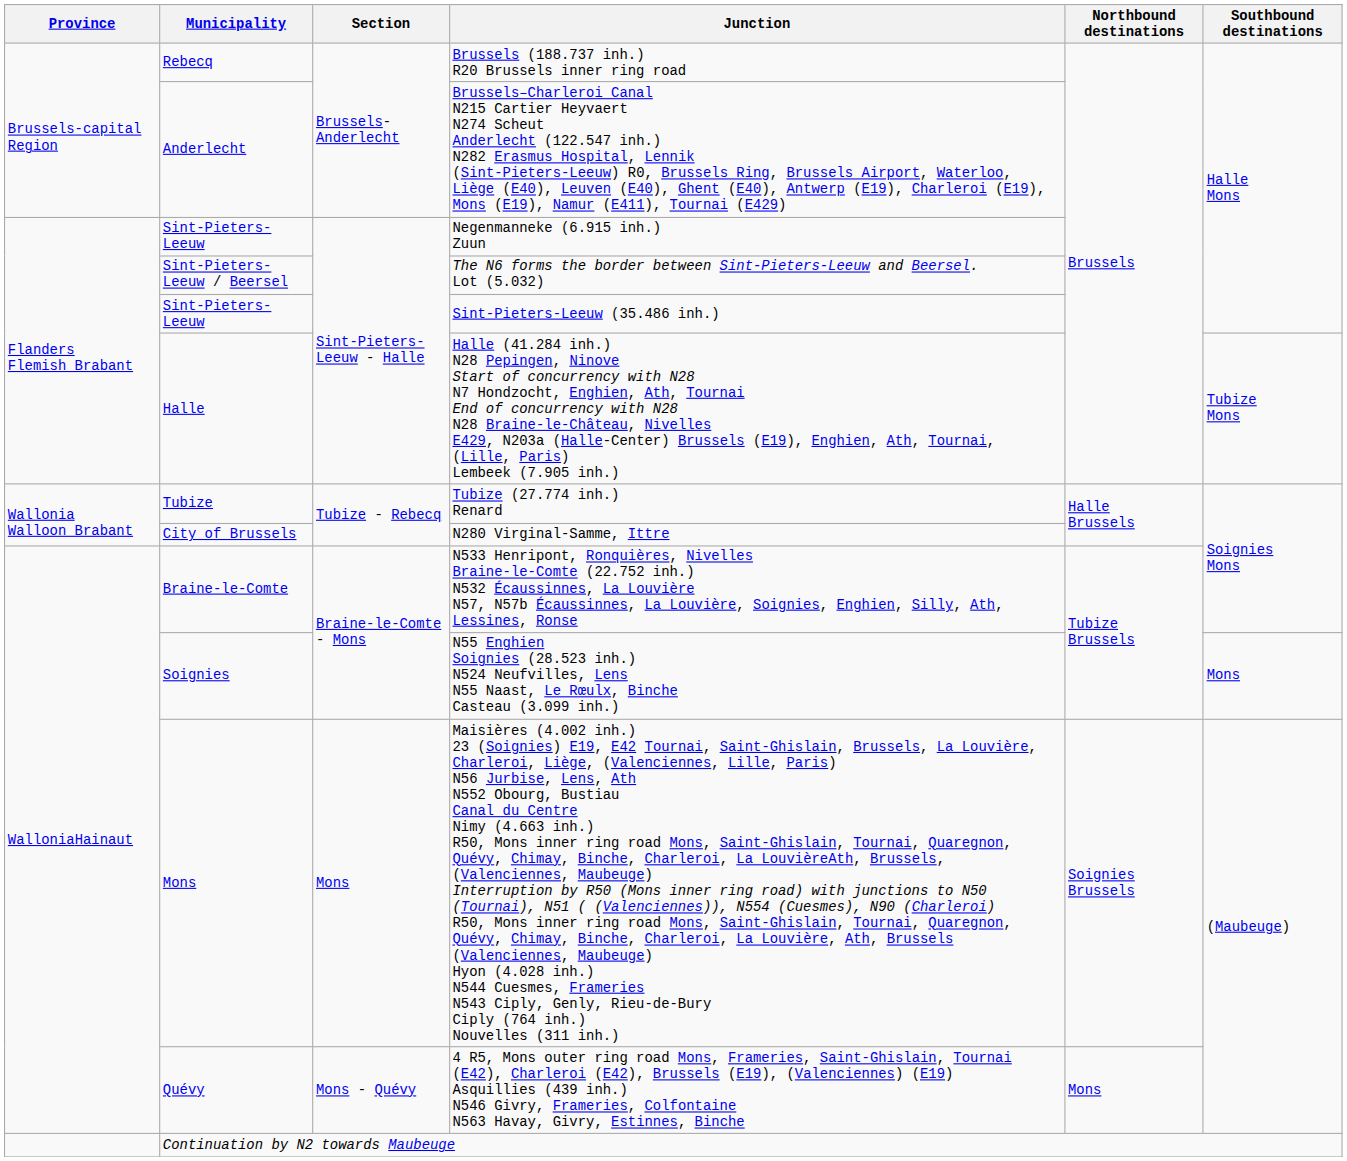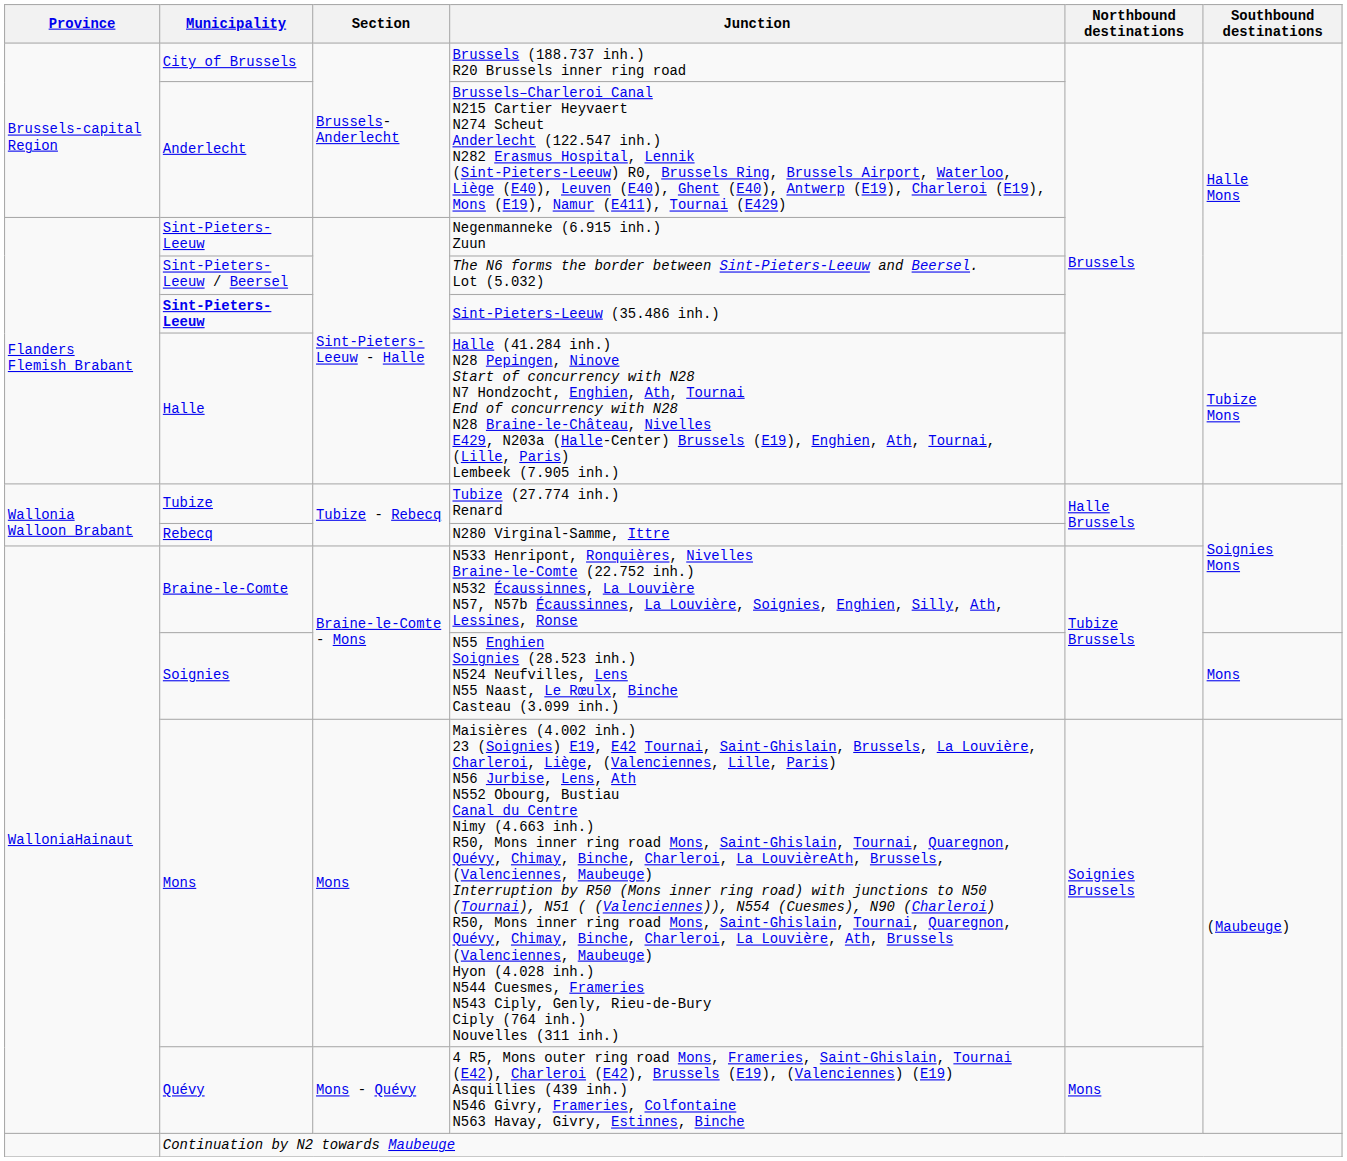 <table class="wikitable">
 <tr>
 <th><a href='#'>Province</a></th>
 <th><a href='#'>Municipality</a></th>
 <th>Section</th>
 <th>Junction</th>
 <th>Northbound destinations</th>
 <th>Southbound destinations</th>
 </tr>
 <tr>
 <td rowspan="2"><br><a href='#'>Brussels-capital Region</a></td>
-<td><a href='#'>Rebecq</a></td>
+<td><a href='#'>City of Brussels</a></td>
 <td rowspan="2"><a href='#'>Brussels</a>- <a href='#'>Anderlecht</a></td>
 <td> <a href='#'>Brussels</a>  (188.737 inh.)<br> R20 Brussels inner ring road</td>
 <td rowspan="6"><a href='#'>Brussels</a></td>
 <td rowspan="5"><a href='#'>Halle</a><br><a href='#'>Mons</a></td>
 </tr>
 <tr>
 <td><a href='#'>Anderlecht</a></td>
 <td> <a href='#'>Brussels–Charleroi Canal</a><br> N215 Cartier Heyvaert<br> N274 Scheut<br> <a href='#'>Anderlecht</a> (122.547 inh.)<br> N282 <a href='#'>Erasmus Hospital</a>, <a href='#'>Lennik</a><br> (<a href='#'>Sint-Pieters-Leeuw</a>) R0, <a href='#'>Brussels Ring</a>, <a href='#'>Brussels Airport</a>, <a href='#'>Waterloo</a>, <a href='#'>Liège</a> (<a href='#'>E40</a>), <a href='#'>Leuven</a> (<a href='#'>E40</a>), <a href='#'>Ghent</a> (<a href='#'>E40</a>), <a href='#'>Antwerp</a> (<a href='#'>E19</a>), <a href='#'>Charleroi</a> (<a href='#'>E19</a>), <a href='#'>Mons</a> (<a href='#'>E19</a>), <a href='#'>Namur</a> (<a href='#'>E411</a>), <a href='#'>Tournai</a> (<a href='#'>E429</a>)</td>
 </tr>
 <tr>
 <td rowspan="4"><br><a href='#'>Flanders</a><br><a href='#'>Flemish Brabant</a></td>
 <td><a href='#'>Sint-Pieters-Leeuw</a></td>
 <td rowspan="4"><a href='#'>Sint-Pieters-Leeuw</a> - <a href='#'>Halle</a></td>
 <td> Negenmanneke (6.915 inh.)<br> Zuun</td>
 </tr>
 <tr>
 <td><a href='#'>Sint-Pieters-Leeuw</a> / <a href='#'>Beersel</a></td>
 <td><em>The N6 forms the border between <a href='#'>Sint-Pieters-Leeuw</a> and <a href='#'>Beersel</a>.</em><br> Lot (5.032)</td>
 </tr>
 <tr>
-<td><a href='#'>Sint-Pieters-Leeuw</a></td>
+<td><strong><a href='#'>Sint-Pieters-Leeuw</a></strong></td>
 <td> <a href='#'>Sint-Pieters-Leeuw</a> (35.486 inh.)</td>
 </tr>
 <tr>
 <td><a href='#'>Halle</a></td>
 <td> <a href='#'>Halle</a> (41.284 inh.)<br> N28 <a href='#'>Pepingen</a>, <a href='#'>Ninove</a><br><em>Start of concurrency with N28</em><br> N7 Hondzocht, <a href='#'>Enghien</a>, <a href='#'>Ath</a>, <a href='#'>Tournai</a><br><em>End of concurrency with N28</em><br> N28 <a href='#'>Braine-le-Château</a>, <a href='#'>Nivelles</a><br> <a href='#'>E429</a>, N203a (<a href='#'>Halle</a>-Center) <a href='#'>Brussels</a> (<a href='#'>E19</a>), <a href='#'>Enghien</a>, <a href='#'>Ath</a>, <a href='#'>Tournai</a>,  (<a href='#'>Lille</a>, <a href='#'>Paris</a>)<br> Lembeek (7.905 inh.)</td>
 <td><a href='#'>Tubize</a><br><a href='#'>Mons</a></td>
 </tr>
 <tr>
 <td rowspan="2"><br><a href='#'>Wallonia</a><br><a href='#'>Walloon Brabant</a></td>
 <td><a href='#'>Tubize</a></td>
 <td rowspan="2"><a href='#'>Tubize</a> - <a href='#'>Rebecq</a></td>
 <td> <a href='#'>Tubize</a> (27.774 inh.)<br> Renard</td>
 <td rowspan="2"><a href='#'>Halle</a><br><a href='#'>Brussels</a></td>
 <td rowspan="3"><a href='#'>Soignies</a><br><a href='#'>Mons</a></td>
 </tr>
 <tr>
-<td><a href='#'>City of Brussels</a></td>
+<td><a href='#'>Rebecq</a></td>
 <td> N280 Virginal-Samme, <a href='#'>Ittre</a></td>
 </tr>
 <tr>
 <td rowspan="4"><a href='#'>Wallonia</a><a href='#'>Hainaut</a></td>
 <td><a href='#'>Braine-le-Comte</a></td>
 <td rowspan="2"><a href='#'>Braine-le-Comte</a> - <a href='#'>Mons</a></td>
 <td> N533 Henripont, <a href='#'>Ronquières</a>, <a href='#'>Nivelles</a><br> <a href='#'>Braine-le-Comte</a> (22.752 inh.)<br> N532 <a href='#'>Écaussinnes</a>, <a href='#'>La Louvière</a><br> N57, N57b <a href='#'>Écaussinnes</a>, <a href='#'>La Louvière</a>, <a href='#'>Soignies</a>, <a href='#'>Enghien</a>, <a href='#'>Silly</a>, <a href='#'>Ath</a>, <a href='#'>Lessines</a>, <a href='#'>Ronse</a></td>
 <td rowspan="2"><a href='#'>Tubize</a><br><a href='#'>Brussels</a></td>
 </tr>
 <tr>
 <td><a href='#'>Soignies</a></td>
 <td> N55 <a href='#'>Enghien</a><br> <a href='#'>Soignies</a> (28.523 inh.)<br> N524 Neufvilles, <a href='#'>Lens</a><br> N55 Naast, <a href='#'>Le Rœulx</a>, <a href='#'>Binche</a><br> Casteau (3.099 inh.)</td>
 <td><a href='#'>Mons</a></td>
 </tr>
 <tr>
 <td><a href='#'>Mons</a></td>
 <td><a href='#'>Mons</a></td>
 <td> Maisières (4.002 inh.)<br> 23 (<a href='#'>Soignies</a>) <a href='#'>E19</a>, <a href='#'>E42</a> <a href='#'>Tournai</a>, <a href='#'>Saint-Ghislain</a>, <a href='#'>Brussels</a>, <a href='#'>La Louvière</a>, <a href='#'>Charleroi</a>, <a href='#'>Liège</a>,  (<a href='#'>Valenciennes</a>, <a href='#'>Lille</a>, <a href='#'>Paris</a>)<br> N56 <a href='#'>Jurbise</a>, <a href='#'>Lens</a>, <a href='#'>Ath</a><br> N552 Obourg, Bustiau<br> <a href='#'>Canal du Centre</a><br> Nimy (4.663 inh.)<br> R50, Mons inner ring road <a href='#'>Mons</a>, <a href='#'>Saint-Ghislain</a>, <a href='#'>Tournai</a>, <a href='#'>Quaregnon</a>, <a href='#'>Quévy</a>, <a href='#'>Chimay</a>, <a href='#'>Binche</a>, <a href='#'>Charleroi</a>, <a href='#'>La Louvière</a><a href='#'>Ath</a>, <a href='#'>Brussels</a>,  (<a href='#'>Valenciennes</a>, <a href='#'>Maubeuge</a>)<br><em>Interruption by R50 (Mons inner ring road) with junctions to N50 (<a href='#'>Tournai</a>), N51 ( (<a href='#'>Valenciennes</a>)), N554 (Cuesmes), N90 (<a href='#'>Charleroi</a>)</em><br> R50, Mons inner ring road <a href='#'>Mons</a>, <a href='#'>Saint-Ghislain</a>, <a href='#'>Tournai</a>, <a href='#'>Quaregnon</a>, <a href='#'>Quévy</a>, <a href='#'>Chimay</a>, <a href='#'>Binche</a>, <a href='#'>Charleroi</a>, <a href='#'>La Louvière</a>, <a href='#'>Ath</a>, <a href='#'>Brussels</a>  (<a href='#'>Valenciennes</a>, <a href='#'>Maubeuge</a>)<br> Hyon (4.028 inh.)<br> N544 Cuesmes, <a href='#'>Frameries</a><br> N543 Ciply, Genly, Rieu-de-Bury<br> Ciply (764 inh.)<br> Nouvelles (311 inh.)</td>
 <td><a href='#'>Soignies</a><br><a href='#'>Brussels</a></td>
 <td rowspan="2"> (<a href='#'>Maubeuge</a>)</td>
 </tr>
 <tr>
 <td><a href='#'>Quévy</a></td>
 <td><a href='#'>Mons</a> - <a href='#'>Quévy</a></td>
 <td> 4 R5, Mons outer ring road <a href='#'>Mons</a>, <a href='#'>Frameries</a>, <a href='#'>Saint-Ghislain</a>, <a href='#'>Tournai</a> (<a href='#'>E42</a>), <a href='#'>Charleroi</a> (<a href='#'>E42</a>), <a href='#'>Brussels</a> (<a href='#'>E19</a>),  (<a href='#'>Valenciennes</a>) (<a href='#'>E19</a>)<br> Asquillies (439 inh.)<br> N546 Givry, <a href='#'>Frameries</a>, <a href='#'>Colfontaine</a><br> N563 Havay, Givry, <a href='#'>Estinnes</a>, <a href='#'>Binche</a></td>
 <td><a href='#'>Mons</a></td>
 </tr>
 <tr>
 <td></td>
 <td colspan="5"><em>Continuation by N2 towards <a href='#'>Maubeuge</a></em></td>
 </tr>
 </table>
